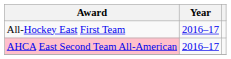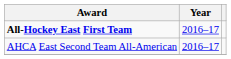 <table class="wikitable">
 <tr>
 <th>Award</th>
 <th>Year</th>
 <th></th>
 </tr>
 <tr>
-<td>All-<a href='#'>Hockey East</a> <a href='#'>First Team</a></td>
+<td><strong>All-<a href='#'>Hockey East</a> <a href='#'>First Team</a></strong></td>
 <td><a href='#'>2016–17</a></td>
 <td></td>
 </tr>
 <tr>
-<td style="background: pink;"><a href='#'>AHCA</a> <a href='#'>East Second Team All-American</a></td>
+<td><a href='#'>AHCA</a> <a href='#'>East Second Team All-American</a></td>
 <td><a href='#'>2016–17</a></td>
 <td></td>
 </tr>
 <tr>
 </tr>
 </table>
